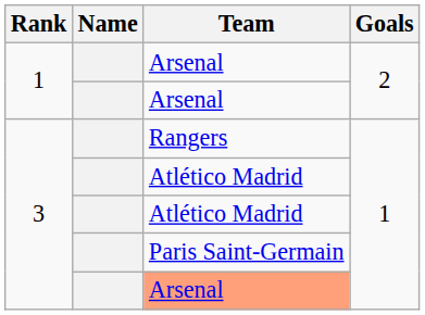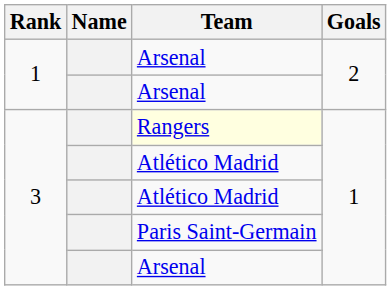 <table class="wikitable plainrowheaders sortable" cellpadding="3" style="text-align: center;">
 <tr>
 <th>Rank</th>
 <th>Name</th>
 <th>Team</th>
 <th>Goals</th>
 </tr>
 <tr>
 <td rowspan="2">1</td>
 <th scope=row> </th>
 <td align="left"><a href='#'>Arsenal</a></td>
 <td rowspan="2">2</td>
 </tr>
 <tr>
 <th scope=row> </th>
 <td align="left"><a href='#'>Arsenal</a></td>
 </tr>
 <tr>
 <td rowspan="5">3</td>
 <th scope=row> </th>
-<td align="left"><a href='#'>Rangers</a></td>
+<td align="left" style="background: lightyellow;"><a href='#'>Rangers</a></td>
 <td rowspan="5">1</td>
 </tr>
 <tr>
 <th scope=row> </th>
 <td align="left"><a href='#'>Atlético Madrid</a></td>
 </tr>
 <tr>
 <th scope=row> </th>
 <td align="left"><a href='#'>Atlético Madrid</a></td>
 </tr>
 <tr>
 <th scope=row> </th>
 <td align="left"><a href='#'>Paris Saint-Germain</a></td>
 </tr>
 <tr>
 <th scope=row> </th>
-<td align="left" style="background: lightsalmon;"><a href='#'>Arsenal</a></td>
+<td align="left"><a href='#'>Arsenal</a></td>
 </tr>
 </table>
